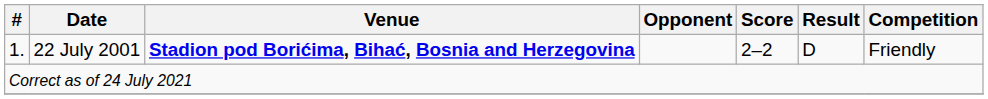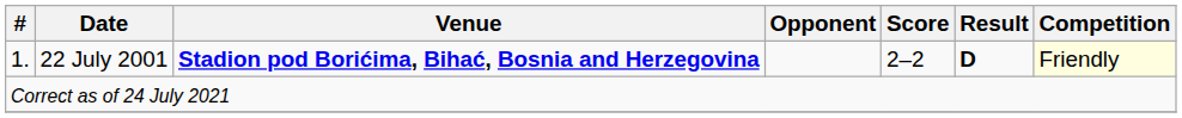 <table class="wikitable" style="font-size:95%;">
 <tr>
 <th>#</th>
 <th>Date</th>
 <th>Venue</th>
 <th>Opponent</th>
 <th>Score</th>
 <th>Result</th>
 <th>Competition</th>
 </tr>
 <tr>
 <td>1.</td>
 <td>22 July 2001</td>
 <td><strong><a href='#'>Stadion pod Borićima</a>, <a href='#'>Bihać</a>, <a href='#'>Bosnia and Herzegovina</a></strong></td>
 <td></td>
 <td>2–2</td>
-<td>D</td>
-<td>Friendly</td>
+<td><strong>D</strong></td>
+<td style="background: lightyellow;">Friendly</td>
 </tr>
 <tr>
 <td colspan=18><small><em>Correct as of 24 July 2021</em></small></td>
 </tr>
 <tr>
 </tr>
 </table>
